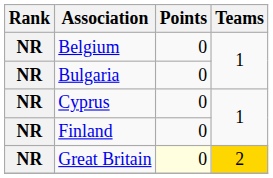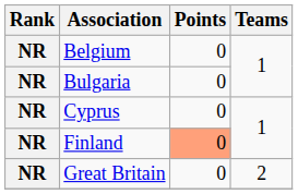 <table class="wikitable">
 <tr>
 <th>Rank</th>
 <th>Association</th>
 <th>Points</th>
 <th>Teams</th>
 </tr>
 <tr>
 <th>NR</th>
 <td> <a href='#'>Belgium</a></td>
 <td align=right>0</td>
 <td align=center rowspan=2>1</td>
 </tr>
 <tr>
 <th>NR</th>
 <td> <a href='#'>Bulgaria</a></td>
 <td align=right>0</td>
 </tr>
 <tr>
 <th>NR</th>
 <td> <a href='#'>Cyprus</a></td>
 <td align=right>0</td>
 <td align=center rowspan=2>1</td>
 </tr>
 <tr>
 <th>NR</th>
 <td> <a href='#'>Finland</a></td>
-<td align=right>0</td>
+<td align=right style="background: lightsalmon;">0</td>
 </tr>
 <tr>
 <th>NR</th>
 <td> <a href='#'>Great Britain</a></td>
-<td align=right style="background: lightyellow;">0</td>
-<td align=center rowspan=1 style="background: gold;">2</td>
+<td align=right>0</td>
+<td align=center rowspan=1>2</td>
 </tr>
 <tr>
 </tr>
 </table>
